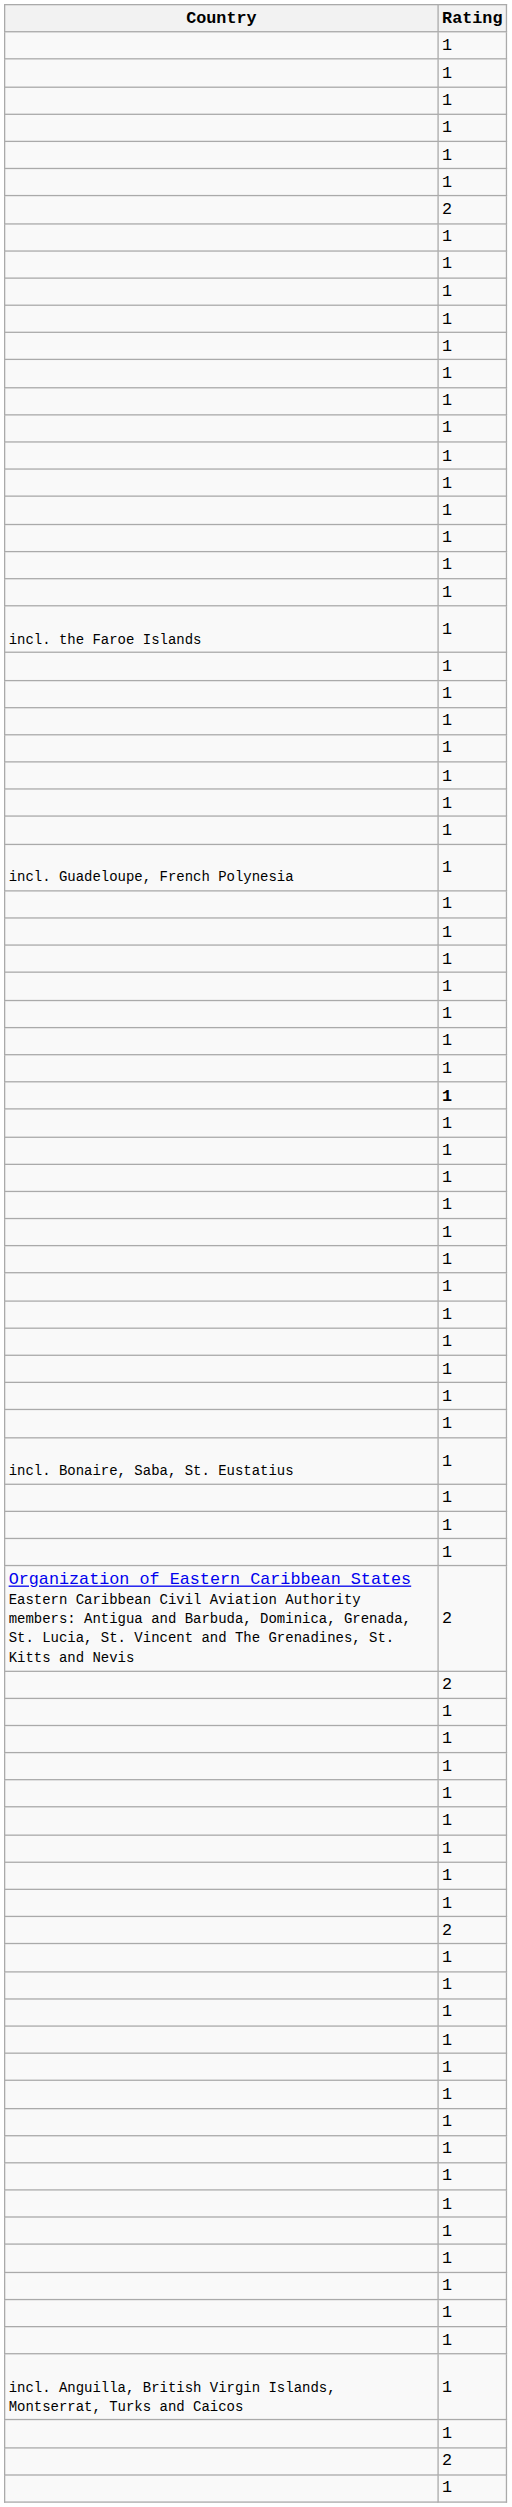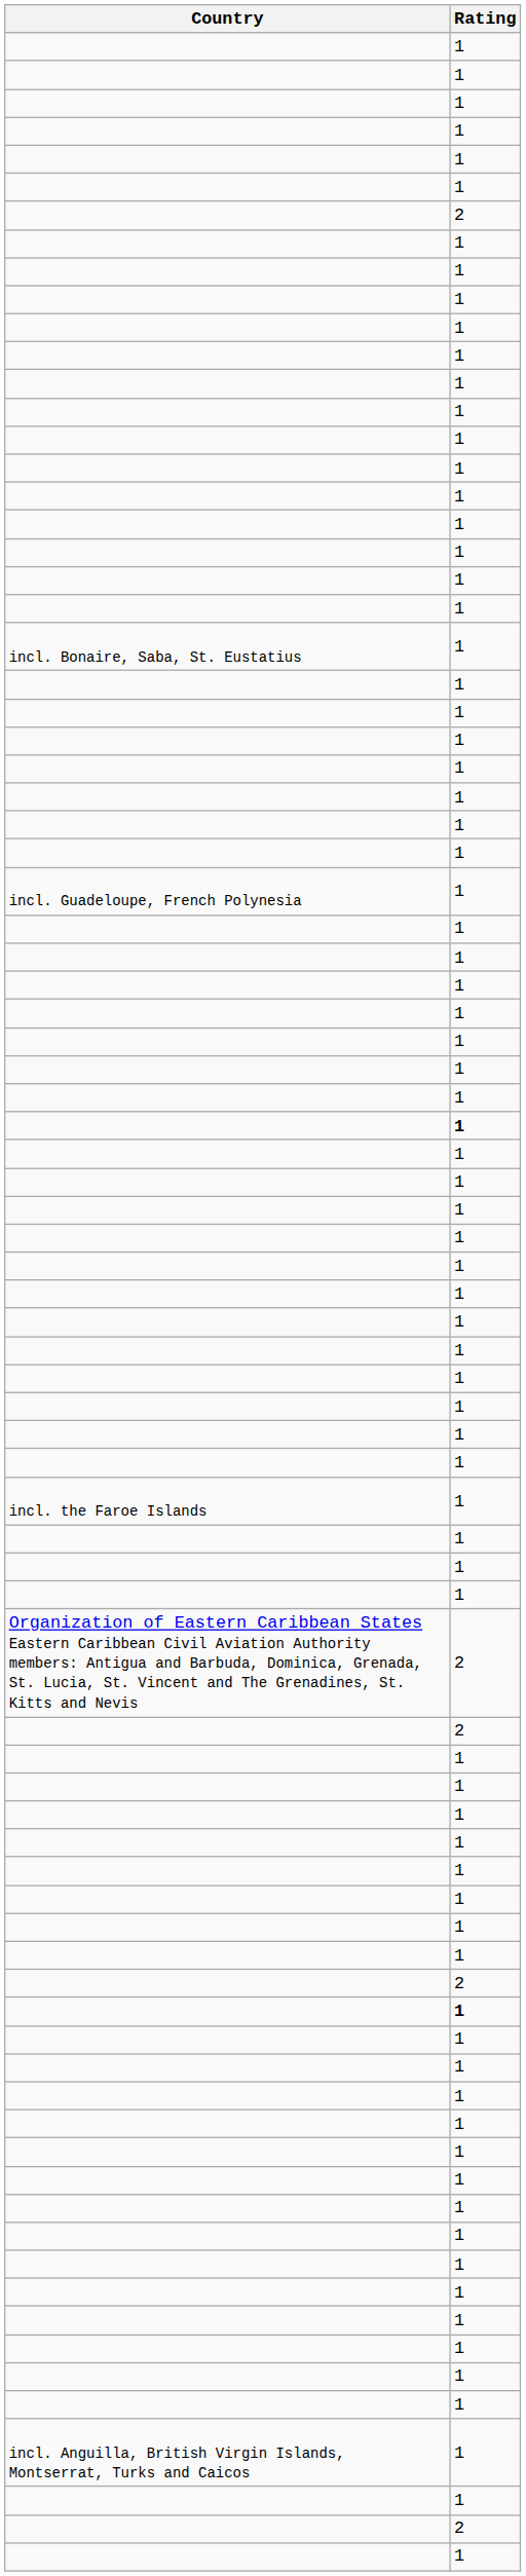 <table class="wikitable sortable" style="max-width:30em">
 <tr>
 <th style="max-width:25em">Country</th>
 <th style="max-width:5em;">Rating</th>
 </tr>
 <tr>
 <td></td>
 <td>1</td>
 </tr>
 <tr>
 <td></td>
 <td>1</td>
 </tr>
 <tr>
 <td></td>
 <td>1</td>
 </tr>
 <tr>
 <td></td>
 <td>1</td>
 </tr>
 <tr>
 <td></td>
 <td>1</td>
 </tr>
 <tr>
 <td></td>
 <td>1</td>
 </tr>
 <tr>
 <td></td>
 <td>2</td>
 </tr>
 <tr>
 <td></td>
 <td>1</td>
 </tr>
 <tr>
 <td></td>
 <td>1</td>
 </tr>
 <tr>
 <td></td>
 <td>1</td>
 </tr>
 <tr>
 <td></td>
 <td>1</td>
 </tr>
 <tr>
 <td></td>
 <td>1</td>
 </tr>
 <tr>
 <td></td>
 <td>1</td>
 </tr>
 <tr>
 <td></td>
 <td>1</td>
 </tr>
 <tr>
 <td></td>
 <td>1</td>
 </tr>
 <tr>
 <td></td>
 <td>1</td>
 </tr>
 <tr>
 <td></td>
 <td>1</td>
 </tr>
 <tr>
 <td></td>
 <td>1</td>
 </tr>
 <tr>
 <td></td>
 <td>1</td>
 </tr>
 <tr>
 <td></td>
 <td>1</td>
 </tr>
 <tr>
 <td></td>
 <td>1</td>
 </tr>
 <tr>
-<td><br><small>incl. the Faroe Islands</small></td>
+<td><br><small>incl. Bonaire, Saba, St. Eustatius</small></td>
 <td>1</td>
 </tr>
 <tr>
 <td></td>
 <td>1</td>
 </tr>
 <tr>
 <td></td>
 <td>1</td>
 </tr>
 <tr>
 <td></td>
 <td>1</td>
 </tr>
 <tr>
 <td></td>
 <td>1</td>
 </tr>
 <tr>
 <td></td>
 <td>1</td>
 </tr>
 <tr>
 <td></td>
 <td>1</td>
 </tr>
 <tr>
 <td></td>
 <td>1</td>
 </tr>
 <tr>
 <td><br><small>incl. Guadeloupe, French Polynesia</small></td>
 <td>1</td>
 </tr>
 <tr>
 <td></td>
 <td>1</td>
 </tr>
 <tr>
 <td></td>
 <td>1</td>
 </tr>
 <tr>
 <td></td>
 <td>1</td>
 </tr>
 <tr>
 <td></td>
 <td>1</td>
 </tr>
 <tr>
 <td></td>
 <td>1</td>
 </tr>
 <tr>
 <td></td>
 <td>1</td>
 </tr>
 <tr>
 <td></td>
 <td>1</td>
 </tr>
 <tr>
 <td></td>
 <td><strong>1</strong></td>
 </tr>
 <tr>
 <td></td>
 <td>1</td>
 </tr>
 <tr>
 <td></td>
 <td>1</td>
 </tr>
 <tr>
 <td></td>
 <td>1</td>
 </tr>
 <tr>
 <td></td>
 <td>1</td>
 </tr>
 <tr>
 <td></td>
 <td>1</td>
 </tr>
 <tr>
 <td></td>
 <td>1</td>
 </tr>
 <tr>
 <td></td>
 <td>1</td>
 </tr>
 <tr>
 <td></td>
 <td>1</td>
 </tr>
 <tr>
 <td></td>
 <td>1</td>
 </tr>
 <tr>
 <td></td>
 <td>1</td>
 </tr>
 <tr>
 <td></td>
 <td>1</td>
 </tr>
 <tr>
 <td></td>
 <td>1</td>
 </tr>
 <tr>
-<td><br><small>incl. Bonaire, Saba, St. Eustatius</small></td>
+<td><br><small>incl. the Faroe Islands</small></td>
 <td>1</td>
 </tr>
 <tr>
 <td></td>
 <td>1</td>
 </tr>
 <tr>
 <td></td>
 <td>1</td>
 </tr>
 <tr>
 <td></td>
 <td>1</td>
 </tr>
 <tr>
 <td><a href='#'>Organization of Eastern Caribbean States</a><br><small>Eastern Caribbean Civil Aviation Authority members: Antigua and Barbuda, Dominica, Grenada, St. Lucia, St. Vincent and The Grenadines, St. Kitts and Nevis</small></td>
 <td>2</td>
 </tr>
 <tr>
 <td></td>
 <td>2</td>
 </tr>
 <tr>
 <td></td>
 <td>1</td>
 </tr>
 <tr>
 <td></td>
 <td>1</td>
 </tr>
 <tr>
 <td></td>
 <td>1</td>
 </tr>
 <tr>
 <td></td>
 <td>1</td>
 </tr>
 <tr>
 <td></td>
 <td>1</td>
 </tr>
 <tr>
 <td></td>
 <td>1</td>
 </tr>
 <tr>
 <td></td>
 <td>1</td>
 </tr>
 <tr>
 <td></td>
 <td>1</td>
 </tr>
 <tr>
 <td></td>
 <td>2</td>
 </tr>
 <tr>
 <td></td>
-<td>1</td>
+<td><strong>1</strong></td>
 </tr>
 <tr>
 <td></td>
 <td>1</td>
 </tr>
 <tr>
 <td></td>
 <td>1</td>
 </tr>
 <tr>
 <td></td>
 <td>1</td>
 </tr>
 <tr>
 <td></td>
 <td>1</td>
 </tr>
 <tr>
 <td></td>
 <td>1</td>
 </tr>
 <tr>
 <td></td>
 <td>1</td>
 </tr>
 <tr>
 <td></td>
 <td>1</td>
 </tr>
 <tr>
 <td></td>
 <td>1</td>
 </tr>
 <tr>
 <td></td>
 <td>1</td>
 </tr>
 <tr>
 <td></td>
 <td>1</td>
 </tr>
 <tr>
 <td></td>
 <td>1</td>
 </tr>
 <tr>
 <td></td>
 <td>1</td>
 </tr>
 <tr>
 <td></td>
 <td>1</td>
 </tr>
 <tr>
 <td></td>
 <td>1</td>
 </tr>
 <tr>
 <td><br><small>incl. Anguilla, British Virgin Islands, Montserrat, Turks and Caicos</small></td>
 <td>1</td>
 </tr>
 <tr>
 <td></td>
 <td>1</td>
 </tr>
 <tr>
 <td></td>
 <td>2</td>
 </tr>
 <tr>
 <td></td>
 <td>1</td>
 </tr>
 </table>
